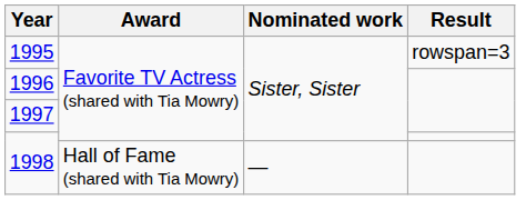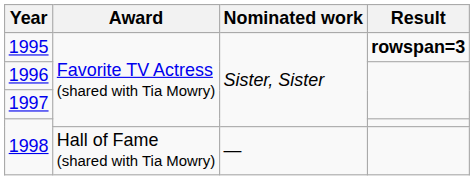 <table class="wikitable">
 <tr>
 <th>Year</th>
 <th>Award</th>
 <th>Nominated work</th>
 <th>Result</th>
 </tr>
 <tr>
 <td><a href='#'>1995</a></td>
 <td rowspan=4><a href='#'>Favorite TV Actress</a><br><small>(shared with Tia Mowry)</small></td>
 <td rowspan=4><em>Sister, Sister</em></td>
-<td>rowspan=3 </td>
+<td><strong>rowspan=3 </strong></td>
 </tr>
 <tr>
 <td><a href='#'>1996</a></td>
 </tr>
 <tr>
 <td><a href='#'>1997</a></td>
 </tr>
 <tr>
 <td rowspan=2><a href='#'>1998</a></td>
 <td></td>
 </tr>
 <tr>
 <td>Hall of Fame<br><small>(shared with Tia Mowry)</small></td>
 <td>—</td>
 <td></td>
 </tr>
 </table>
